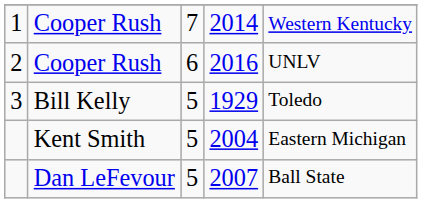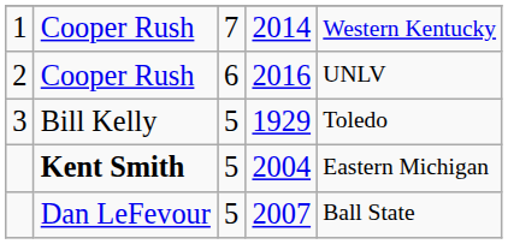 <table class="wikitable">
 <tr>
 </tr>
 <tr>
 <td>1</td>
 <td><a href='#'>Cooper Rush</a></td>
 <td>7</td>
 <td><a href='#'>2014</a></td>
 <td style="font-size:80%;"><a href='#'>Western Kentucky</a></td>
 </tr>
 <tr>
 <td>2</td>
 <td><a href='#'>Cooper Rush</a></td>
 <td>6</td>
 <td><a href='#'>2016</a></td>
 <td style="font-size:80%;">UNLV</td>
 </tr>
 <tr>
 <td>3</td>
 <td>Bill Kelly</td>
 <td>5</td>
 <td><a href='#'>1929</a></td>
 <td style="font-size:80%;">Toledo</td>
 </tr>
 <tr>
 <td></td>
-<td>Kent Smith</td>
+<td><strong>Kent Smith</strong></td>
 <td>5</td>
 <td><a href='#'>2004</a></td>
 <td style="font-size:80%;">Eastern Michigan</td>
 </tr>
 <tr>
 <td></td>
 <td><a href='#'>Dan LeFevour</a></td>
 <td>5</td>
 <td><a href='#'>2007</a></td>
 <td style="font-size:80%;">Ball State</td>
 </tr>
 </table>
